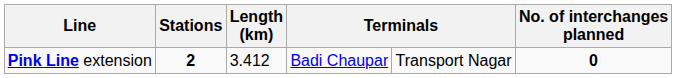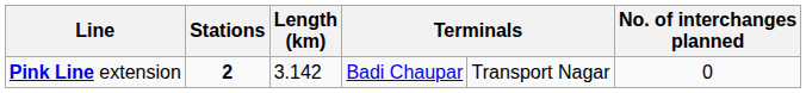 <table class="wikitable" style="margin:auto;">
 <tr>
 <th>Line</th>
 <th>Stations</th>
 <th>Length<br>(km)</th>
 <th colspan="2">Terminals</th>
 <th>No. of interchanges <br>planned</th>
 </tr>
 <tr>
 <td style="background:#"><a href='#'><span><strong>Pink Line</strong></span></a> extension</td>
 <td style="text-align:center;"><strong>2</strong></td>
-<td>3.412</td>
+<td>3.142</td>
 <td><a href='#'>Badi Chaupar</a></td>
 <td>Transport Nagar</td>
-<td style="text-align:center;"><strong>0</strong></td>
+<td style="text-align:center;">0</td>
 </tr>
 </table>
